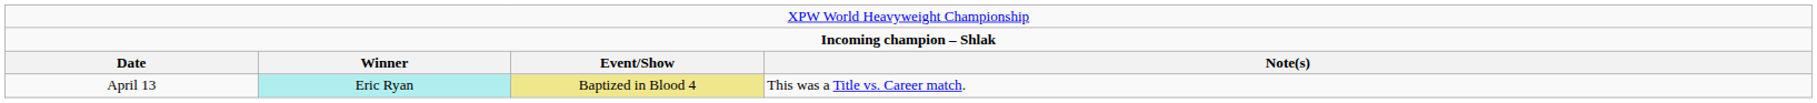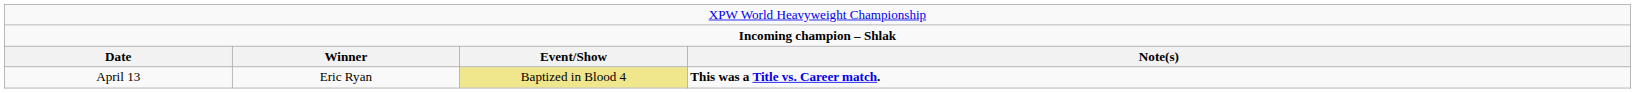 <table class="wikitable" style="text-align:center; width:100%;">
 <tr>
 <td colspan="4" style="text-align: center;"><a href='#'>XPW World Heavyweight Championship</a></td>
 </tr>
 <tr>
 <td colspan="4" style="text-align: center;"><strong>Incoming champion – Shlak</strong></td>
 </tr>
 <tr>
 <th width=14%>Date</th>
 <th width=14%>Winner</th>
 <th width=14%>Event/Show</th>
 <th width=58%>Note(s)</th>
 </tr>
 <tr>
 <td>April 13</td>
-<td style="background: paleturquoise;">Eric Ryan</td>
+<td>Eric Ryan</td>
 <td style="background: khaki;">Baptized in Blood 4</td>
-<td align=left>This was a <a href='#'>Title vs. Career match</a>.</td>
+<td align=left><strong>This was a <a href='#'>Title vs. Career match</a>.</strong></td>
 </tr>
 </table>
